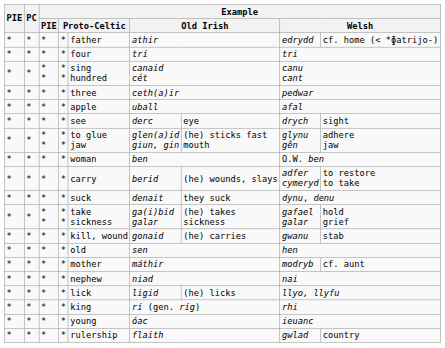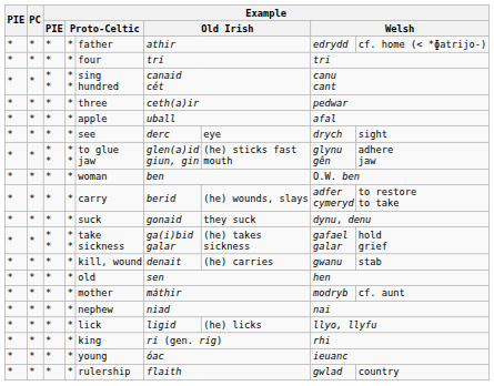 <table class="wikitable">
 <tr>
 <th rowspan=2>PIE</th>
 <th rowspan=2>PC</th>
 <th colspan=7>Example</th>
 </tr>
 <tr>
 <th>PIE</th>
 <th colspan=2>Proto-Celtic</th>
 <th colspan=2>Old Irish</th>
 <th colspan=2>Welsh</th>
 </tr>
 <tr>
 <td>*</td>
 <td>*</td>
 <td>*</td>
 <td>*</td>
 <td>father</td>
 <td colspan=2><em>athir</em></td>
 <td><em>edrydd</em></td>
 <td>cf. home (< *ɸatrijo-)</td>
 </tr>
 <tr>
 <td>*</td>
 <td>*</td>
 <td>*</td>
 <td>*</td>
 <td>four</td>
 <td colspan=2><em>trí</em></td>
 <td colspan=2><em>tri</em></td>
 </tr>
 <tr>
 <td>*</td>
 <td>*</td>
 <td>*<br>*</td>
 <td>*<br>*</td>
 <td>sing<br>hundred</td>
 <td colspan=2><em>canaid</em><br><em>cét</em> </td>
 <td colspan=2><em>canu</em><br><em>cant</em></td>
 </tr>
 <tr>
 <td>*</td>
 <td>*</td>
 <td>*</td>
 <td>*</td>
 <td>three</td>
 <td colspan=2><em>ceth(a)ir</em></td>
 <td colspan=2><em>pedwar</em></td>
 </tr>
 <tr>
 <td>*</td>
 <td>*</td>
 <td>*</td>
 <td>*</td>
 <td>apple</td>
 <td colspan=2><em>uball</em></td>
 <td colspan=2><em>afal</em></td>
 </tr>
 <tr>
 <td>*</td>
 <td>*</td>
 <td>*</td>
 <td>*</td>
 <td>see</td>
 <td><em>derc</em></td>
 <td>eye</td>
 <td><em>drych</em></td>
 <td>sight</td>
 </tr>
 <tr>
 <td>*</td>
 <td>*</td>
 <td>*<br>*</td>
 <td>*<br>*</td>
 <td>to glue<br>jaw</td>
 <td><em>glen(a)id</em><br><em>giun, gin</em></td>
 <td>(he) sticks fast<br>mouth</td>
 <td><em>glynu</em><br><em>gên</em></td>
 <td>adhere<br>jaw</td>
 </tr>
 <tr>
 <td>*</td>
 <td>*</td>
 <td>*</td>
 <td>*</td>
 <td>woman</td>
 <td colspan=2><em>ben</em></td>
 <td colspan=2>O.W. <em>ben</em></td>
 </tr>
 <tr>
 <td>*</td>
 <td>*</td>
 <td>*</td>
 <td>*</td>
 <td>carry</td>
 <td><em>berid</em></td>
 <td>(he) wounds, slays</td>
 <td><em>adfer</em><br><em>cymeryd</em></td>
 <td>to restore<br>to take</td>
 </tr>
 <tr>
 <td>*</td>
 <td>*</td>
 <td>*</td>
 <td>*</td>
 <td>suck</td>
-<td><em>denait</em></td>
+<td><em>gonaid</em></td>
 <td>they suck</td>
 <td colspan=2><em>dynu</em>, <em>denu</em></td>
 </tr>
 <tr>
 <td>*</td>
 <td>*</td>
 <td>*<br>*</td>
 <td>*<br>*</td>
 <td>take<br>sickness</td>
 <td><em>ga(i)bid</em><br><em>galar</em></td>
 <td>(he) takes<br>sickness</td>
 <td><em>gafael</em><br><em>galar</em></td>
 <td>hold<br>grief</td>
 </tr>
 <tr>
 <td>*</td>
 <td>*</td>
 <td>*</td>
 <td>*</td>
 <td>kill, wound</td>
-<td><em>gonaid</em></td>
+<td><em>denait</em></td>
 <td>(he) carries</td>
 <td><em>gwanu</em></td>
 <td>stab</td>
 </tr>
 <tr>
 <td>*</td>
 <td>*</td>
 <td>*</td>
 <td>*</td>
 <td>old</td>
 <td colspan=2><em>sen</em></td>
 <td colspan=2><em>hen</em></td>
 </tr>
 <tr>
 <td>*</td>
 <td>*</td>
 <td>*</td>
 <td>*</td>
 <td>mother</td>
 <td colspan=2><em>máthir</em></td>
 <td><em>modryb</em></td>
 <td>cf. aunt</td>
 </tr>
 <tr>
 <td>*</td>
 <td>*</td>
 <td>*</td>
 <td>*</td>
 <td>nephew</td>
 <td colspan=2><em>niad</em></td>
 <td colspan=2><em>nai</em></td>
 </tr>
 <tr>
 <td>*</td>
 <td>*</td>
 <td>*</td>
 <td>*</td>
 <td>lick</td>
 <td><em>ligid</em></td>
 <td>(he) licks</td>
 <td colspan=2><em>llyo, llyfu</em></td>
 </tr>
 <tr>
 <td>*</td>
 <td>*</td>
 <td>*</td>
 <td>*</td>
 <td>king</td>
 <td colspan=2><em>rí</em> (gen. <em>ríg</em>)</td>
 <td colspan=2><em>rhi</em></td>
 </tr>
 <tr>
 <td>*</td>
 <td>*</td>
 <td>*</td>
 <td>*</td>
 <td>young</td>
 <td colspan=2><em>óac</em></td>
 <td colspan=2><em>ieuanc</em></td>
 </tr>
 <tr>
 <td>*</td>
 <td>*</td>
 <td>*</td>
 <td>*</td>
 <td>rulership</td>
 <td colspan=2><em>flaith</em></td>
 <td><em>gwlad</em></td>
 <td>country</td>
 </tr>
 </table>
